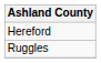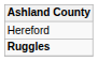 <table class="wikitable">
 <tr>
 <th>Ashland County</th>
 </tr>
 <tr>
 <td>Hereford</td>
 </tr>
 <tr>
-<td>Ruggles</td>
+<td><strong>Ruggles</strong></td>
 </tr>
 <tr>
 </tr>
 </table>
